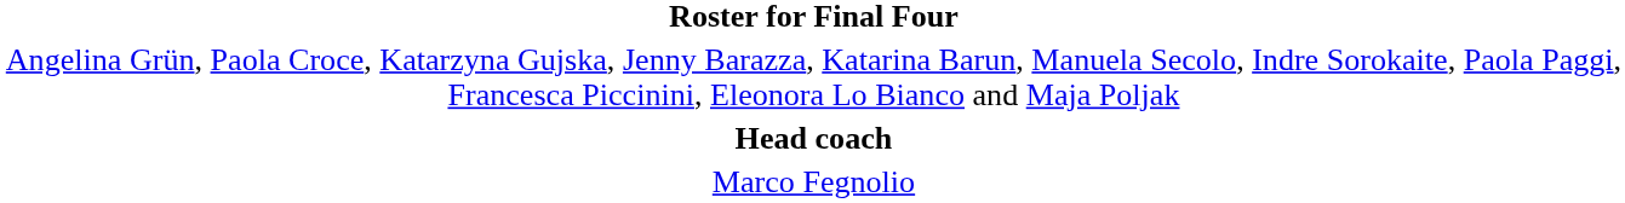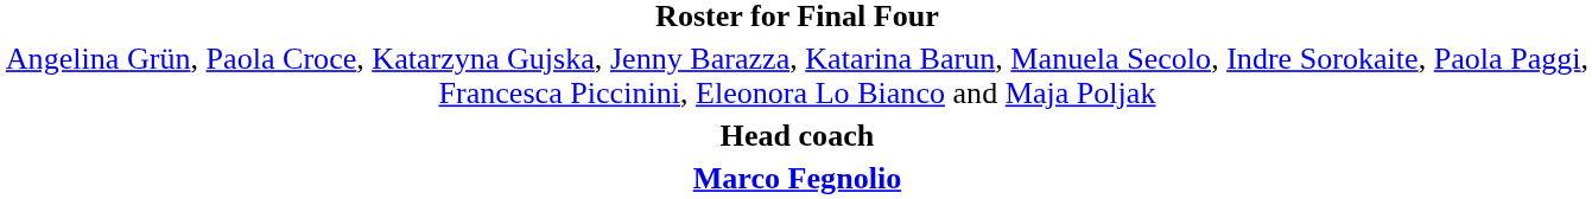 <table style="text-align: center; margin-top: 2em; margin-left: auto; margin-right: auto">
 <tr>
 <td><strong>Roster for Final Four</strong></td>
 </tr>
 <tr>
 <td><a href='#'>Angelina Grün</a>, <a href='#'>Paola Croce</a>, <a href='#'>Katarzyna Gujska</a>, <a href='#'>Jenny Barazza</a>, <a href='#'>Katarina Barun</a>, <a href='#'>Manuela Secolo</a>, <a href='#'>Indre Sorokaite</a>, <a href='#'>Paola Paggi</a>, <a href='#'>Francesca Piccinini</a>, <a href='#'>Eleonora Lo Bianco</a> and <a href='#'>Maja Poljak</a></td>
 </tr>
 <tr>
 <td><strong>Head coach</strong></td>
 </tr>
 <tr>
-<td><a href='#'>Marco Fegnolio</a></td>
+<td><strong><a href='#'>Marco Fegnolio</a></strong></td>
 </tr>
 </table>
